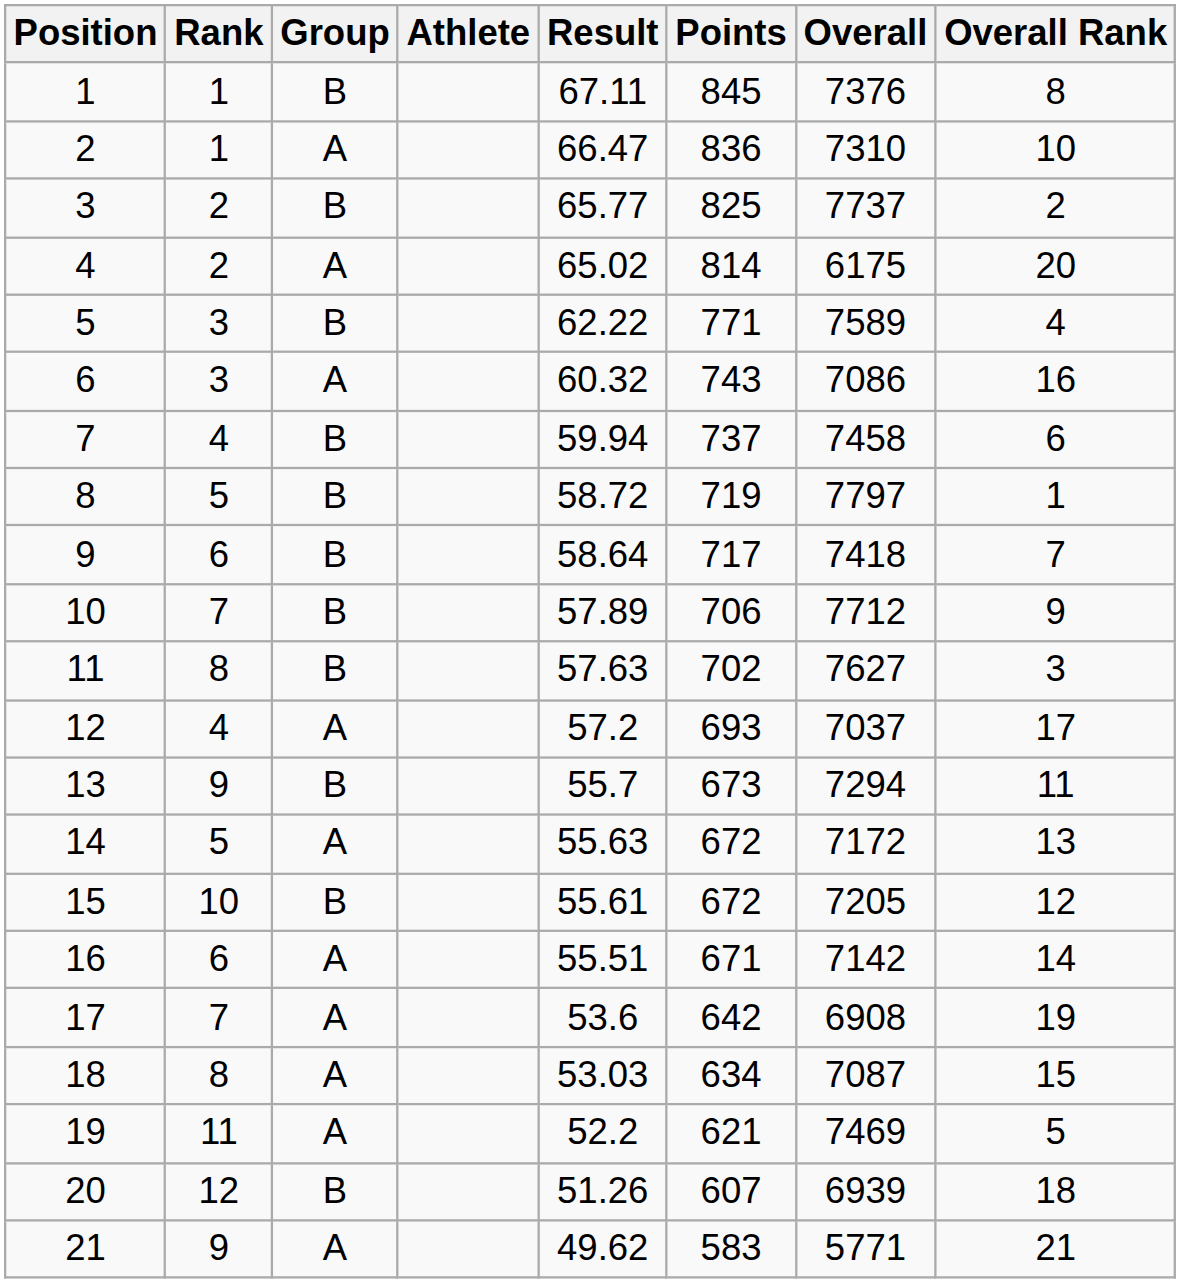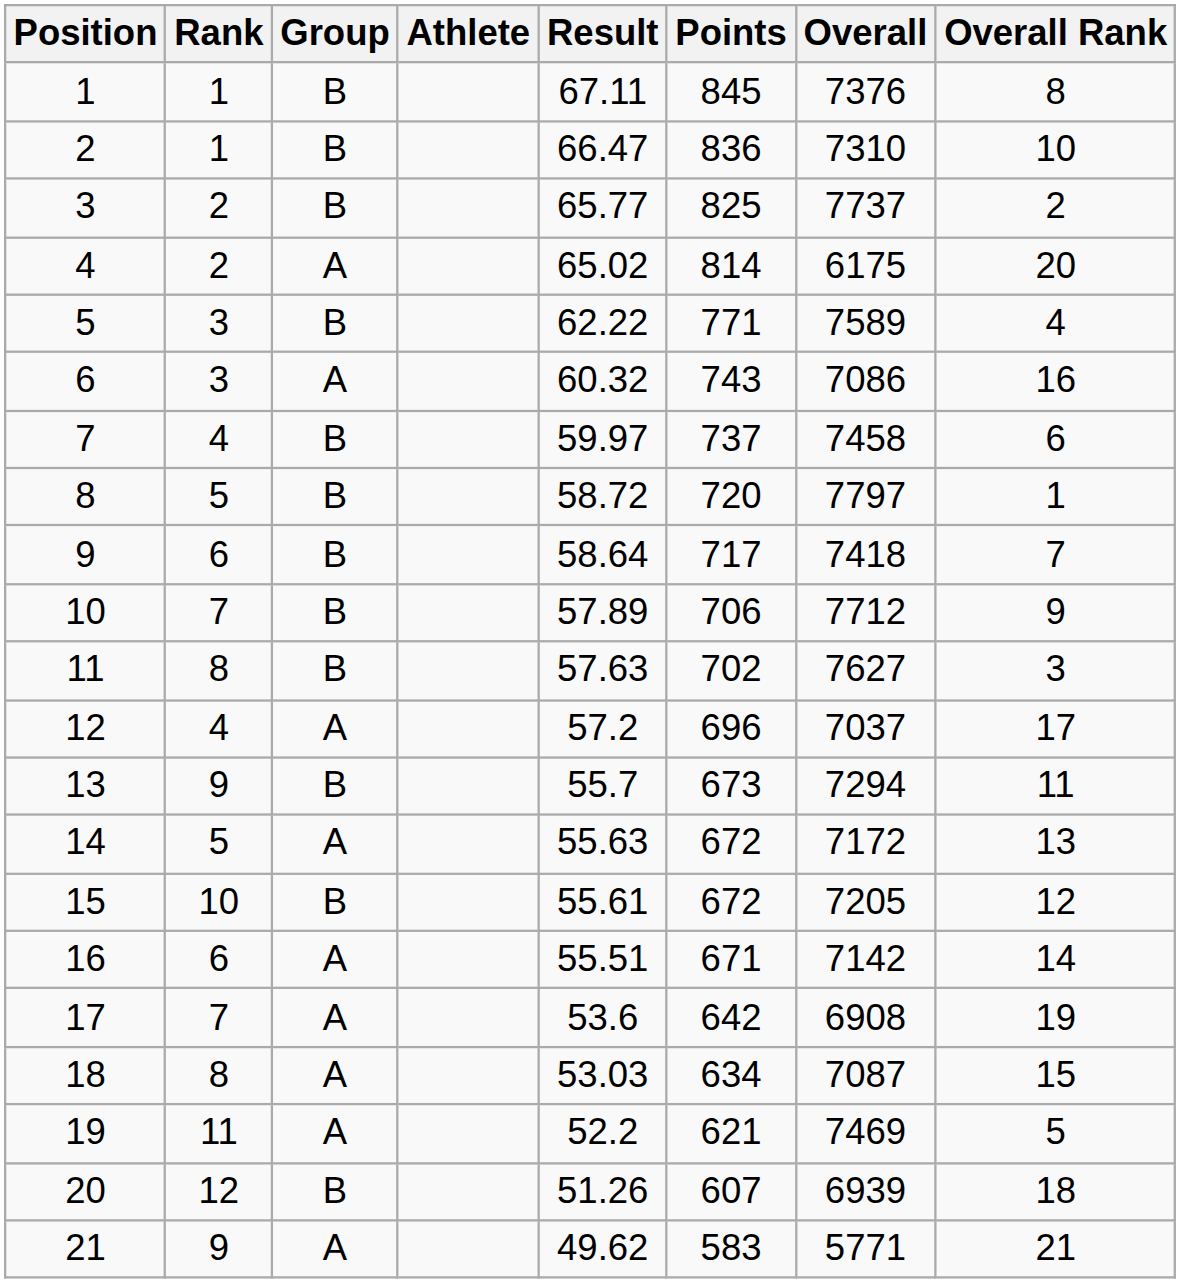 <table class="wikitable sortable" style="text-align:center">
 <tr>
 <th>Position</th>
 <th>Rank</th>
 <th>Group</th>
 <th>Athlete</th>
 <th>Result</th>
 <th>Points</th>
 <th>Overall</th>
 <th>Overall Rank</th>
 </tr>
 <tr>
 <td>1</td>
 <td>1</td>
 <td>B</td>
 <td align=left></td>
 <td>67.11</td>
 <td>845</td>
 <td>7376</td>
 <td>8</td>
 </tr>
 <tr>
 <td>2</td>
 <td>1</td>
-<td>A</td>
+<td>B</td>
 <td align=left></td>
 <td>66.47</td>
 <td>836</td>
 <td>7310</td>
 <td>10</td>
 </tr>
 <tr>
 <td>3</td>
 <td>2</td>
 <td>B</td>
 <td align=left></td>
 <td>65.77</td>
 <td>825</td>
 <td>7737</td>
 <td>2</td>
 </tr>
 <tr>
 <td>4</td>
 <td>2</td>
 <td>A</td>
 <td align=left></td>
 <td>65.02</td>
 <td>814</td>
 <td>6175</td>
 <td>20</td>
 </tr>
 <tr>
 <td>5</td>
 <td>3</td>
 <td>B</td>
 <td align=left></td>
 <td>62.22</td>
 <td>771</td>
 <td>7589</td>
 <td>4</td>
 </tr>
 <tr>
 <td>6</td>
 <td>3</td>
 <td>A</td>
 <td align=left></td>
 <td>60.32</td>
 <td>743</td>
 <td>7086</td>
 <td>16</td>
 </tr>
 <tr>
 <td>7</td>
 <td>4</td>
 <td>B</td>
 <td align=left></td>
-<td>59.94</td>
+<td>59.97</td>
 <td>737</td>
 <td>7458</td>
 <td>6</td>
 </tr>
 <tr>
 <td>8</td>
 <td>5</td>
 <td>B</td>
 <td align=left></td>
 <td>58.72</td>
-<td>719</td>
+<td>720</td>
 <td>7797</td>
 <td>1</td>
 </tr>
 <tr>
 <td>9</td>
 <td>6</td>
 <td>B</td>
 <td align=left></td>
 <td>58.64</td>
 <td>717</td>
 <td>7418</td>
 <td>7</td>
 </tr>
 <tr>
 <td>10</td>
 <td>7</td>
 <td>B</td>
 <td align=left></td>
 <td>57.89</td>
 <td>706</td>
 <td>7712</td>
 <td>9</td>
 </tr>
 <tr>
 <td>11</td>
 <td>8</td>
 <td>B</td>
 <td align=left></td>
 <td>57.63</td>
 <td>702</td>
 <td>7627</td>
 <td>3</td>
 </tr>
 <tr>
 <td>12</td>
 <td>4</td>
 <td>A</td>
 <td align=left></td>
 <td>57.2</td>
-<td>693</td>
+<td>696</td>
 <td>7037</td>
 <td>17</td>
 </tr>
 <tr>
 <td>13</td>
 <td>9</td>
 <td>B</td>
 <td align=left></td>
 <td>55.7</td>
 <td>673</td>
 <td>7294</td>
 <td>11</td>
 </tr>
 <tr>
 <td>14</td>
 <td>5</td>
 <td>A</td>
 <td align=left></td>
 <td>55.63</td>
 <td>672</td>
 <td>7172</td>
 <td>13</td>
 </tr>
 <tr>
 <td>15</td>
 <td>10</td>
 <td>B</td>
 <td align=left></td>
 <td>55.61</td>
 <td>672</td>
 <td>7205</td>
 <td>12</td>
 </tr>
 <tr>
 <td>16</td>
 <td>6</td>
 <td>A</td>
 <td align=left></td>
 <td>55.51</td>
 <td>671</td>
 <td>7142</td>
 <td>14</td>
 </tr>
 <tr>
 <td>17</td>
 <td>7</td>
 <td>A</td>
 <td align=left></td>
 <td>53.6</td>
 <td>642</td>
 <td>6908</td>
 <td>19</td>
 </tr>
 <tr>
 <td>18</td>
 <td>8</td>
 <td>A</td>
 <td align=left></td>
 <td>53.03</td>
 <td>634</td>
 <td>7087</td>
 <td>15</td>
 </tr>
 <tr>
 <td>19</td>
 <td>11</td>
 <td>A</td>
 <td align=left></td>
 <td>52.2</td>
 <td>621</td>
 <td>7469</td>
 <td>5</td>
 </tr>
 <tr>
 <td>20</td>
 <td>12</td>
 <td>B</td>
 <td align=left></td>
 <td>51.26</td>
 <td>607</td>
 <td>6939</td>
 <td>18</td>
 </tr>
 <tr>
 <td>21</td>
 <td>9</td>
 <td>A</td>
 <td align=left></td>
 <td>49.62</td>
 <td>583</td>
 <td>5771</td>
 <td>21</td>
 </tr>
 </table>
